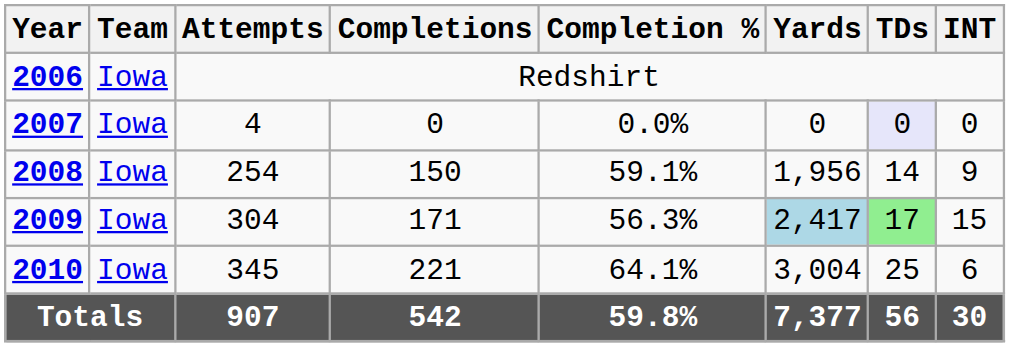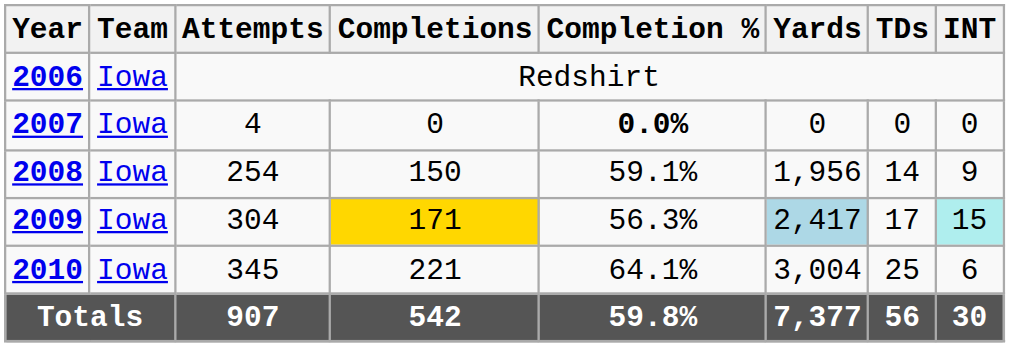 <table class="wikitable" style="text-align:center;">
 <tr>
 <th>Year</th>
 <th>Team</th>
 <th>Attempts</th>
 <th>Completions</th>
 <th>Completion %</th>
 <th>Yards</th>
 <th>TDs</th>
 <th>INT</th>
 </tr>
 <tr>
 <td><strong><a href='#'>2006</a></strong></td>
 <td><a href='#'>Iowa</a></td>
 <td colspan=6 style="text-align:center;">Redshirt</td>
 </tr>
 <tr>
 <td><strong><a href='#'>2007</a></strong></td>
 <td><a href='#'>Iowa</a></td>
 <td>4</td>
 <td>0</td>
-<td>0.0%</td>
+<td><strong>0.0%</strong></td>
 <td>0</td>
-<td style="background: lavender;">0</td>
+<td>0</td>
 <td>0</td>
 </tr>
 <tr>
 <td><strong><a href='#'>2008</a></strong></td>
 <td><a href='#'>Iowa</a></td>
 <td>254</td>
 <td>150</td>
 <td>59.1%</td>
 <td>1,956</td>
 <td>14</td>
 <td>9</td>
 </tr>
 <tr>
 <td><strong><a href='#'>2009</a></strong></td>
 <td><a href='#'>Iowa</a></td>
 <td>304</td>
-<td>171</td>
+<td style="background: gold;">171</td>
 <td>56.3%</td>
 <td style="background: lightblue;">2,417</td>
-<td style="background: lightgreen;">17</td>
-<td>15</td>
+<td>17</td>
+<td style="background: paleturquoise;">15</td>
 </tr>
 <tr>
 <td><strong><a href='#'>2010</a></strong></td>
 <td><a href='#'>Iowa</a></td>
 <td>345</td>
 <td>221</td>
 <td>64.1%</td>
 <td>3,004</td>
 <td>25</td>
 <td>6</td>
 </tr>
 <tr style="background:#555555;font-weight:bold;color:white;">
 <td colspan=2>Totals</td>
 <td>907</td>
 <td>542</td>
 <td>59.8%</td>
 <td>7,377</td>
 <td>56</td>
 <td>30</td>
 </tr>
 <tr style="background:#555555;font-weight:bold;color:white;">
 </tr>
 </table>
